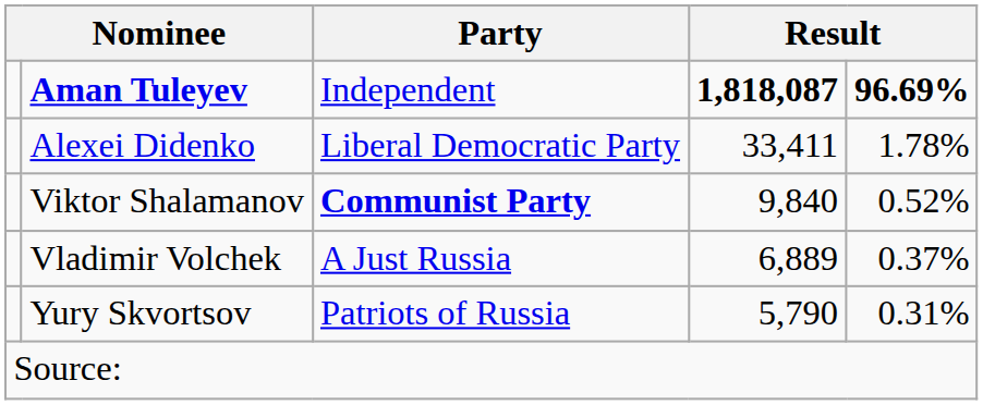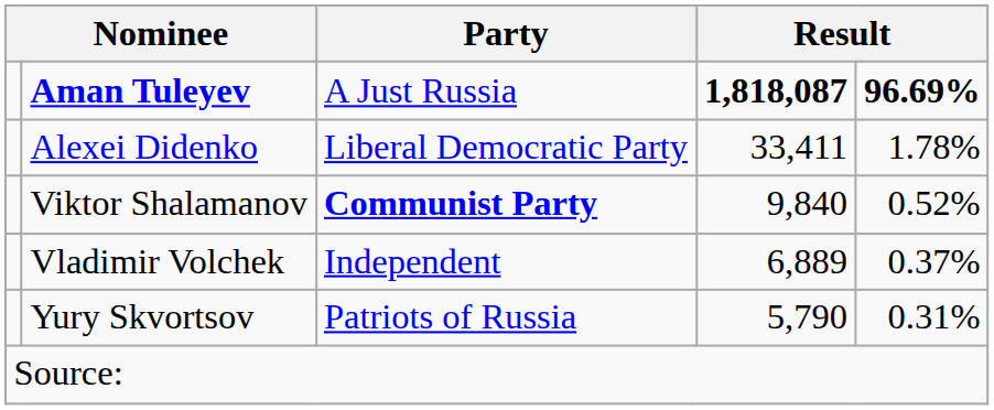 <table class=wikitable style=text-align:right>
 <tr>
 <th colspan=2>Nominee</th>
 <th>Party</th>
 <th colspan=2>Result</th>
 </tr>
 <tr>
 <td style="background-color: "></td>
 <td align=left><strong><a href='#'>Aman Tuleyev</a></strong></td>
-<td align=left><a href='#'>Independent</a></td>
+<td align=left><a href='#'>A Just Russia</a></td>
 <td><strong>1,818,087</strong></td>
 <td><strong>96.69%</strong></td>
 </tr>
 <tr>
 <td style="background-color: "></td>
 <td align=left><a href='#'>Alexei Didenko</a></td>
 <td align=left><a href='#'>Liberal Democratic Party</a></td>
 <td>33,411</td>
 <td>1.78%</td>
 </tr>
 <tr>
 <td style="background-color: "></td>
 <td align=left>Viktor Shalamanov</td>
 <td align=left><strong><a href='#'>Communist Party</a></strong></td>
 <td>9,840</td>
 <td>0.52%</td>
 </tr>
 <tr>
 <td style="background-color: "></td>
 <td align=left>Vladimir Volchek</td>
-<td align=left><a href='#'>A Just Russia</a></td>
+<td align=left><a href='#'>Independent</a></td>
 <td>6,889</td>
 <td>0.37%</td>
 </tr>
 <tr>
 <td style="background-color: "></td>
 <td align=left>Yury Skvortsov</td>
 <td align=left><a href='#'>Patriots of Russia</a></td>
 <td>5,790</td>
 <td>0.31%</td>
 </tr>
 <tr>
 <td align=left colspan=6>Source: </td>
 </tr>
 </table>
